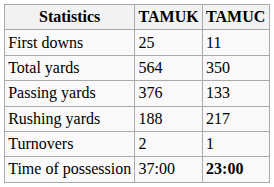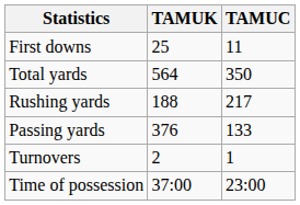 <table class="wikitable" style="float: left;">
 <tr>
 <th>Statistics</th>
 <th>TAMUK</th>
 <th>TAMUC</th>
 </tr>
 <tr>
 <td>First downs</td>
 <td>25</td>
 <td>11</td>
 </tr>
 <tr>
 <td>Total yards</td>
 <td>564</td>
 <td>350</td>
 </tr>
 <tr>
+<td>Rushing yards</td>
+<td>188</td>
+<td>217</td>
+</tr>
+<tr>
 <td>Passing yards</td>
 <td>376</td>
 <td>133</td>
-</tr>
-<tr>
-<td>Rushing yards</td>
-<td>188</td>
-<td>217</td>
 </tr>
 <tr>
 <td>Turnovers</td>
 <td>2</td>
 <td>1</td>
 </tr>
 <tr>
 <td>Time of possession</td>
 <td>37:00</td>
-<td><strong>23:00</strong></td>
+<td>23:00</td>
 </tr>
 <tr>
 </tr>
 </table>
